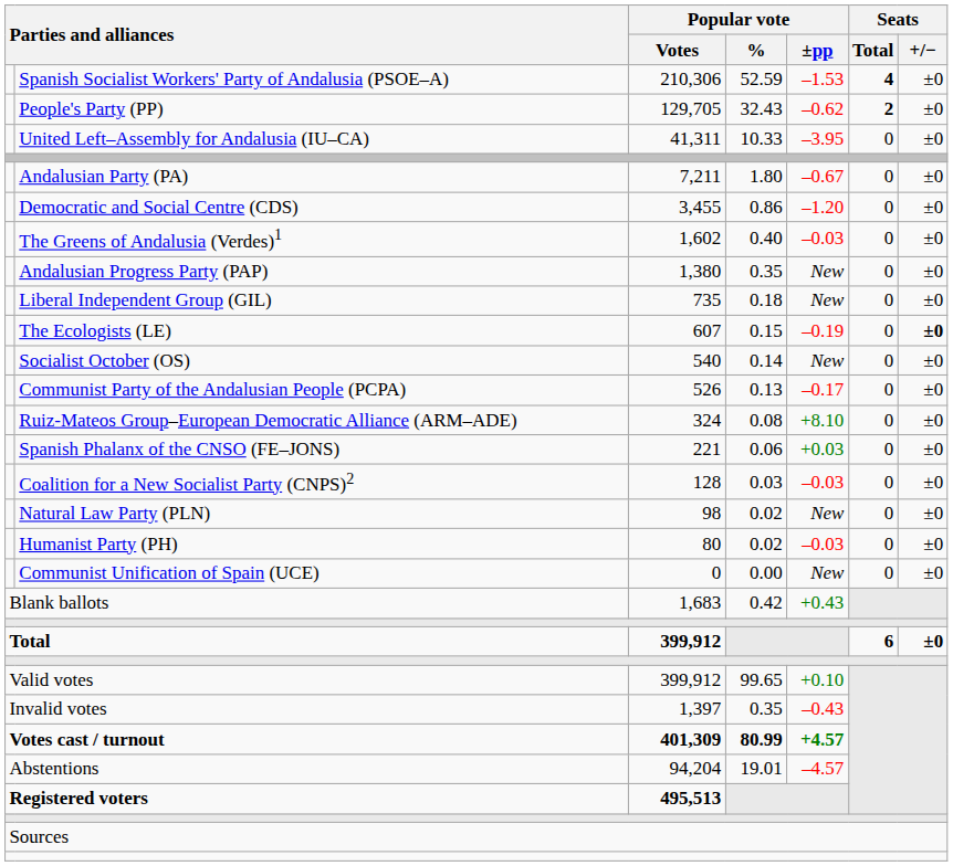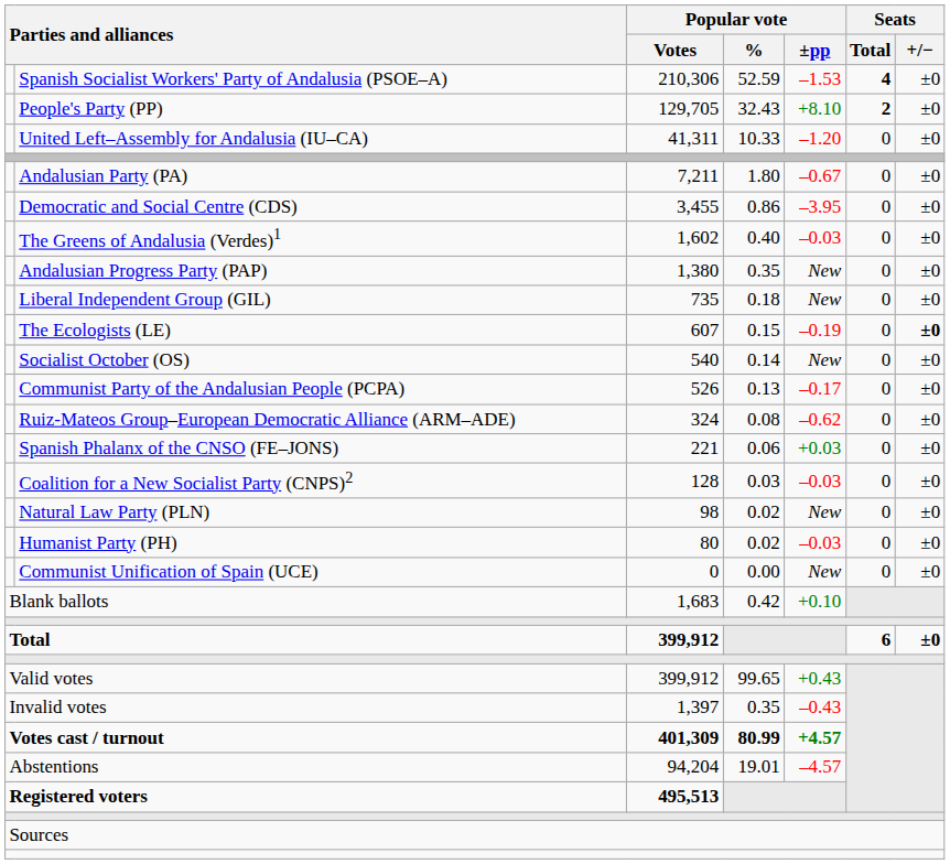 <table class="wikitable" style="text-align:right;">
 <tr>
 <th style="text-align:left;" rowspan="2" colspan="2" width="525">Parties and alliances</th>
 <th colspan="3">Popular vote</th>
 <th colspan="2">Seats</th>
 </tr>
 <tr>
 <th width="75">Votes</th>
 <th width="45">%</th>
 <th width="45">±<a href='#'>pp</a></th>
 <th width="35">Total</th>
 <th width="35">+/−</th>
 </tr>
 <tr>
 <td width="1" style="color:inherit;background:"></td>
 <td align="left"><a href='#'>Spanish Socialist Workers' Party of Andalusia</a> (PSOE–A)</td>
 <td>210,306</td>
 <td>52.59</td>
 <td style="color:red;">–1.53</td>
 <td><strong>4</strong></td>
 <td>±0</td>
 </tr>
 <tr>
 <td style="color:inherit;background:"></td>
 <td align="left"><a href='#'>People's Party</a> (PP)</td>
 <td>129,705</td>
 <td>32.43</td>
-<td style="color:red;">–0.62</td>
+<td style="color:green;">+8.10</td>
 <td><strong>2</strong></td>
 <td>±0</td>
 </tr>
 <tr>
 <td style="color:inherit;background:"></td>
 <td align="left"><a href='#'>United Left–Assembly for Andalusia</a> (IU–CA)</td>
 <td>41,311</td>
 <td>10.33</td>
-<td style="color:red;">–3.95</td>
+<td style="color:red;">–1.20</td>
 <td>0</td>
 <td>±0</td>
 </tr>
 <tr>
 <td colspan="7" bgcolor="#C0C0C0"></td>
 </tr>
 <tr>
 <td style="color:inherit;background:"></td>
 <td align="left"><a href='#'>Andalusian Party</a> (PA)</td>
 <td>7,211</td>
 <td>1.80</td>
 <td style="color:red;">–0.67</td>
 <td>0</td>
 <td>±0</td>
 </tr>
 <tr>
 <td style="color:inherit;background:"></td>
 <td align="left"><a href='#'>Democratic and Social Centre</a> (CDS)</td>
 <td>3,455</td>
 <td>0.86</td>
-<td style="color:red;">–1.20</td>
+<td style="color:red;">–3.95</td>
 <td>0</td>
 <td>±0</td>
 </tr>
 <tr>
 <td style="color:inherit;background:"></td>
 <td align="left"><a href='#'>The Greens of Andalusia</a> (Verdes)<sup>1</sup></td>
 <td>1,602</td>
 <td>0.40</td>
 <td style="color:red;">–0.03</td>
 <td>0</td>
 <td>±0</td>
 </tr>
 <tr>
 <td style="color:inherit;background:"></td>
 <td align="left"><a href='#'>Andalusian Progress Party</a> (PAP)</td>
 <td>1,380</td>
 <td>0.35</td>
 <td><em>New</em></td>
 <td>0</td>
 <td>±0</td>
 </tr>
 <tr>
 <td style="color:inherit;background:"></td>
 <td align="left"><a href='#'>Liberal Independent Group</a> (GIL)</td>
 <td>735</td>
 <td>0.18</td>
 <td><em>New</em></td>
 <td>0</td>
 <td>±0</td>
 </tr>
 <tr>
 <td style="color:inherit;background:"></td>
 <td align="left"><a href='#'>The Ecologists</a> (LE)</td>
 <td>607</td>
 <td>0.15</td>
 <td style="color:red;">–0.19</td>
 <td>0</td>
 <td><strong>±0</strong></td>
 </tr>
 <tr>
 <td style="color:inherit;background:"></td>
 <td align="left"><a href='#'>Socialist October</a> (OS)</td>
 <td>540</td>
 <td>0.14</td>
 <td><em>New</em></td>
 <td>0</td>
 <td>±0</td>
 </tr>
 <tr>
 <td style="color:inherit;background:"></td>
 <td align="left"><a href='#'>Communist Party of the Andalusian People</a> (PCPA)</td>
 <td>526</td>
 <td>0.13</td>
 <td style="color:red;">–0.17</td>
 <td>0</td>
 <td>±0</td>
 </tr>
 <tr>
 <td style="color:inherit;background:"></td>
 <td align="left"><a href='#'>Ruiz-Mateos Group</a>–<a href='#'>European Democratic Alliance</a> (ARM–ADE)</td>
 <td>324</td>
 <td>0.08</td>
-<td style="color:green;">+8.10</td>
+<td style="color:red;">–0.62</td>
 <td>0</td>
 <td>±0</td>
 </tr>
 <tr>
 <td style="color:inherit;background:"></td>
 <td align="left"><a href='#'>Spanish Phalanx of the CNSO</a> (FE–JONS)</td>
 <td>221</td>
 <td>0.06</td>
 <td style="color:green;">+0.03</td>
 <td>0</td>
 <td>±0</td>
 </tr>
 <tr>
 <td style="color:inherit;background:"></td>
 <td align="left"><a href='#'>Coalition for a New Socialist Party</a> (CNPS)<sup>2</sup></td>
 <td>128</td>
 <td>0.03</td>
 <td style="color:red;">–0.03</td>
 <td>0</td>
 <td>±0</td>
 </tr>
 <tr>
 <td style="color:inherit;background:"></td>
 <td align="left"><a href='#'>Natural Law Party</a> (PLN)</td>
 <td>98</td>
 <td>0.02</td>
 <td><em>New</em></td>
 <td>0</td>
 <td>±0</td>
 </tr>
 <tr>
 <td style="color:inherit;background:"></td>
 <td align="left"><a href='#'>Humanist Party</a> (PH)</td>
 <td>80</td>
 <td>0.02</td>
 <td style="color:red;">–0.03</td>
 <td>0</td>
 <td>±0</td>
 </tr>
 <tr>
 <td style="color:inherit;background:"></td>
 <td align="left"><a href='#'>Communist Unification of Spain</a> (UCE)</td>
 <td>0</td>
 <td>0.00</td>
 <td><em>New</em></td>
 <td>0</td>
 <td>±0</td>
 </tr>
 <tr>
 <td align="left" colspan="2">Blank ballots</td>
 <td>1,683</td>
 <td>0.42</td>
-<td style="color:green;">+0.43</td>
+<td style="color:green;">+0.10</td>
 <td bgcolor="#E9E9E9" colspan="2"></td>
 </tr>
 <tr>
 <td colspan="7" bgcolor="#E9E9E9"></td>
 </tr>
 <tr style="font-weight:bold;">
 <td align="left" colspan="2">Total</td>
 <td>399,912</td>
 <td bgcolor="#E9E9E9" colspan="2"></td>
 <td>6</td>
 <td>±0</td>
 </tr>
 <tr>
 <td colspan="7" bgcolor="#E9E9E9"></td>
 </tr>
 <tr>
 <td align="left" colspan="2">Valid votes</td>
 <td>399,912</td>
 <td>99.65</td>
-<td style="color:green;">+0.10</td>
+<td style="color:green;">+0.43</td>
 <td bgcolor="#E9E9E9" colspan="2" rowspan="5"></td>
 </tr>
 <tr>
 <td align="left" colspan="2">Invalid votes</td>
 <td>1,397</td>
 <td>0.35</td>
 <td style="color:red;">–0.43</td>
 </tr>
 <tr style="font-weight:bold;">
 <td align="left" colspan="2">Votes cast / turnout</td>
 <td>401,309</td>
 <td>80.99</td>
 <td style="color:green;">+4.57</td>
 </tr>
 <tr>
 <td align="left" colspan="2">Abstentions</td>
 <td>94,204</td>
 <td>19.01</td>
 <td style="color:red;">–4.57</td>
 </tr>
 <tr style="font-weight:bold;">
 <td align="left" colspan="2">Registered voters</td>
 <td>495,513</td>
 <td bgcolor="#E9E9E9" colspan="2"></td>
 </tr>
 <tr>
 <td colspan="7" bgcolor="#E9E9E9"></td>
 </tr>
 <tr>
 <td align="left" colspan="7">Sources</td>
 </tr>
 <tr>
 <td colspan="7" style="text-align:left; max-width:790px;"></td>
 </tr>
 </table>
